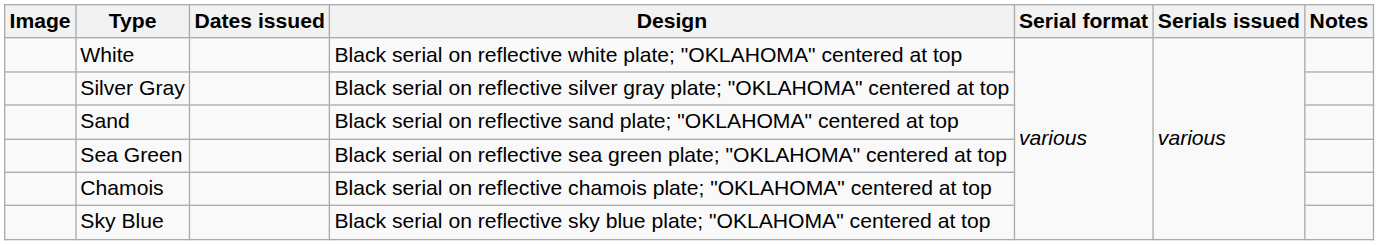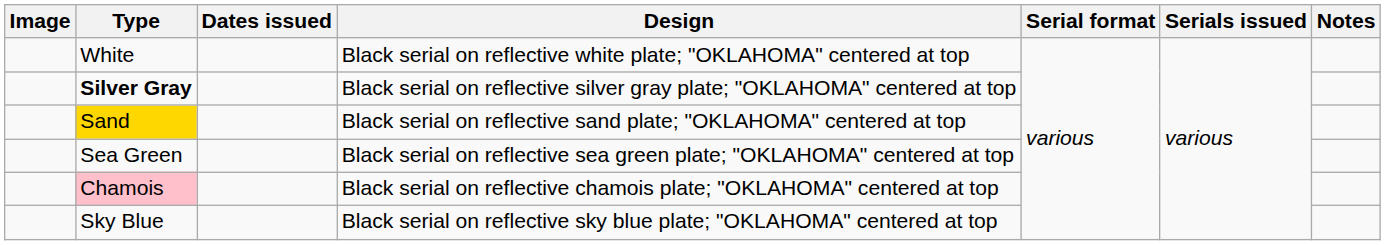 <table class="wikitable">
 <tr>
 <th>Image</th>
 <th>Type</th>
 <th>Dates issued</th>
 <th>Design</th>
 <th>Serial format</th>
 <th>Serials issued</th>
 <th>Notes</th>
 </tr>
 <tr>
 <td></td>
 <td>White</td>
 <td></td>
 <td>Black serial on reflective white plate; "OKLAHOMA" centered at top</td>
 <td rowspan="6"><em>various</em></td>
 <td rowspan="6"><em>various</em></td>
 <td></td>
 </tr>
 <tr>
 <td></td>
-<td>Silver Gray</td>
+<td><strong>Silver Gray</strong></td>
 <td></td>
 <td>Black serial on reflective silver gray plate; "OKLAHOMA" centered at top</td>
 <td></td>
 </tr>
 <tr>
 <td></td>
-<td>Sand</td>
+<td style="background: gold;">Sand</td>
 <td></td>
 <td>Black serial on reflective sand plate; "OKLAHOMA" centered at top</td>
 <td></td>
 </tr>
 <tr>
 <td></td>
 <td>Sea Green</td>
 <td></td>
 <td>Black serial on reflective sea green plate; "OKLAHOMA" centered at top</td>
 <td></td>
 </tr>
 <tr>
 <td></td>
-<td>Chamois</td>
+<td style="background: pink;">Chamois</td>
 <td></td>
 <td>Black serial on reflective chamois plate; "OKLAHOMA" centered at top</td>
 <td></td>
 </tr>
 <tr>
 <td></td>
 <td>Sky Blue</td>
 <td></td>
 <td>Black serial on reflective sky blue plate; "OKLAHOMA" centered at top</td>
 <td></td>
 </tr>
 </table>
